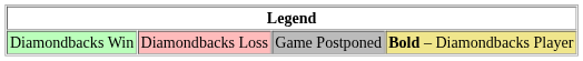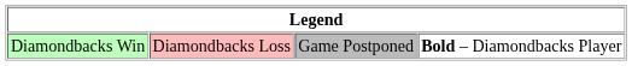 <table align="center" border="1" cellpadding="2" cellspacing="1" style="border:1px solid #aaa">
 <tr>
 <th colspan="4">Legend</th>
 </tr>
 <tr>
 <td style="background:#bfb;">Diamondbacks Win</td>
 <td style="background:#fbb;">Diamondbacks Loss</td>
 <td style="background:#bbb;">Game Postponed</td>
-<td style="background: khaki;"><strong>Bold</strong> – Diamondbacks Player</td>
+<td><strong>Bold</strong> – Diamondbacks Player</td>
 </tr>
 </table>
